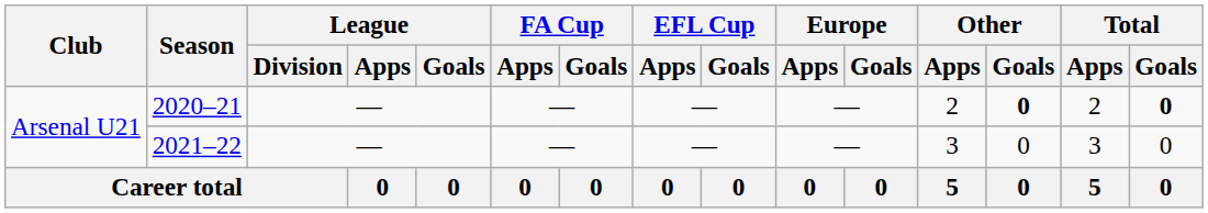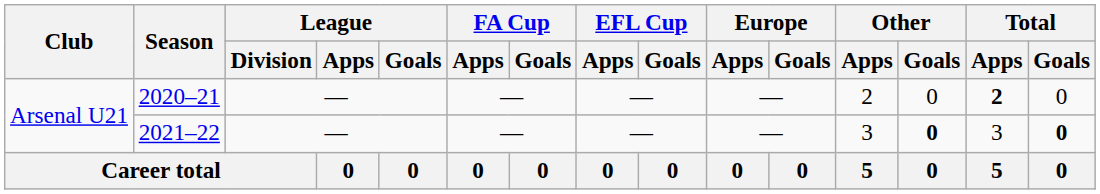 <table class=wikitable style=text-align:center>
 <tr>
 <th rowspan=2>Club</th>
 <th rowspan=2>Season</th>
 <th colspan=3>League</th>
 <th colspan=2><a href='#'>FA Cup</a></th>
 <th colspan=2><a href='#'>EFL Cup</a></th>
 <th colspan=2>Europe</th>
 <th colspan=2>Other</th>
 <th colspan=2>Total</th>
 </tr>
 <tr>
 <th>Division</th>
 <th>Apps</th>
 <th>Goals</th>
 <th>Apps</th>
 <th>Goals</th>
 <th>Apps</th>
 <th>Goals</th>
 <th>Apps</th>
 <th>Goals</th>
 <th>Apps</th>
 <th>Goals</th>
 <th>Apps</th>
 <th>Goals</th>
 </tr>
 <tr>
 <td rowspan="2"><a href='#'>Arsenal U21</a></td>
 <td><a href='#'>2020–21</a></td>
 <td colspan=3>—</td>
 <td colspan=2>—</td>
 <td colspan=2>—</td>
 <td colspan=2>—</td>
 <td>2</td>
-<td><strong>0</strong></td>
-<td>2</td>
-<td><strong>0</strong></td>
+<td>0</td>
+<td><strong>2</strong></td>
+<td>0</td>
 </tr>
 <tr>
 <td><a href='#'>2021–22</a></td>
 <td colspan=3>—</td>
 <td colspan=2>—</td>
 <td colspan=2>—</td>
 <td colspan=2>—</td>
 <td>3</td>
-<td>0</td>
+<td><strong>0</strong></td>
 <td>3</td>
-<td>0</td>
+<td><strong>0</strong></td>
 </tr>
 <tr>
 <th colspan=3>Career total</th>
 <th>0</th>
 <th>0</th>
 <th>0</th>
 <th>0</th>
 <th>0</th>
 <th>0</th>
 <th>0</th>
 <th>0</th>
 <th>5</th>
 <th>0</th>
 <th>5</th>
 <th>0</th>
 </tr>
 </table>
